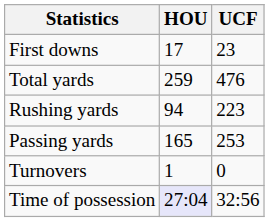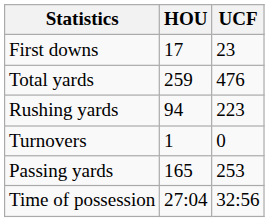 <table class="wikitable" style="float: left;">
 <tr>
 <th>Statistics</th>
 <th>HOU</th>
 <th>UCF</th>
 </tr>
 <tr>
 <td>First downs</td>
 <td>17</td>
 <td>23</td>
 </tr>
 <tr>
 <td>Total yards</td>
 <td>259</td>
 <td>476</td>
 </tr>
 <tr>
 <td>Rushing yards</td>
 <td>94</td>
 <td>223</td>
 </tr>
 <tr>
+<td>Turnovers</td>
+<td>1</td>
+<td>0</td>
+</tr>
+<tr>
 <td>Passing yards</td>
 <td>165</td>
 <td>253</td>
 </tr>
 <tr>
-<td>Turnovers</td>
-<td>1</td>
-<td>0</td>
-</tr>
-<tr>
 <td>Time of possession</td>
-<td style="background: lavender;">27:04</td>
+<td>27:04</td>
 <td>32:56</td>
 </tr>
 </table>
